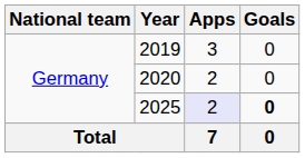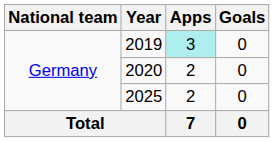 <table class="wikitable" style="text-align:center">
 <tr>
 <th>National team</th>
 <th>Year</th>
 <th>Apps</th>
 <th>Goals</th>
 </tr>
 <tr>
 <td rowspan="3"><a href='#'>Germany</a></td>
 <td>2019</td>
-<td>3</td>
+<td style="background: paleturquoise;">3</td>
 <td>0</td>
 </tr>
 <tr>
 <td>2020</td>
 <td>2</td>
 <td>0</td>
 </tr>
 <tr>
 <td>2025</td>
-<td style="background: lavender;">2</td>
-<td><strong>0</strong></td>
+<td>2</td>
+<td>0</td>
 </tr>
 <tr>
 <th colspan="2">Total</th>
 <th>7</th>
 <th>0</th>
 </tr>
 </table>
